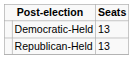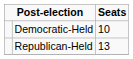 <table class= "wikitable">
 <tr>
 <td colspan= "2" rowspan= "1" align= "center" valign= "top"><strong>Post-election</strong></td>
 <td valign= "top"><strong>Seats</strong><br></td>
 </tr>
 <tr>
 <td style="background-color:"> </td>
 <td>Democratic-Held</td>
-<td>13</td>
+<td>10</td>
 </tr>
 <tr>
 <td style="background-color:"> </td>
 <td>Republican-Held</td>
 <td>13</td>
 </tr>
 <tr>
 </tr>
 </table>
